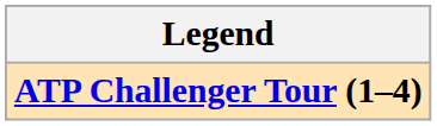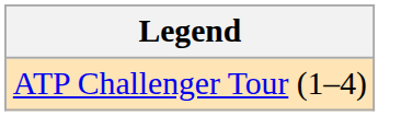 <table class=wikitable style=font-size:97%>
 <tr>
 <th>Legend</th>
 </tr>
 <tr bgcolor=moccasin>
-<td><strong><a href='#'>ATP Challenger Tour</a> (1–4)</strong></td>
+<td><a href='#'>ATP Challenger Tour</a> (1–4)</td>
 </tr>
 </table>
